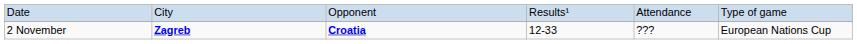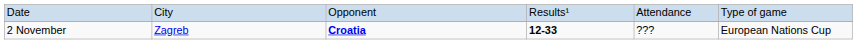 <table class="wikitable">
 <tr ---- bgcolor=#CCDDEE>
 <td width=11%>Date</td>
 <td width=13%>City</td>
 <td width=15%>Opponent</td>
 <td width=8%>Results¹</td>
 <td width=5%>Attendance</td>
 <td width=10%>Type of game</td>
 </tr>
 <tr>
 </tr>
 <tr -----bgcolor=#DDEEFF>
 <td>2 November</td>
-<td><strong><a href='#'>Zagreb</a></strong></td>
+<td><a href='#'>Zagreb</a></td>
 <td> <strong><a href='#'>Croatia</a></strong></td>
-<td>12-33</td>
+<td><strong>12-33</strong></td>
 <td>???</td>
 <td>European Nations Cup</td>
 </tr>
 </table>
